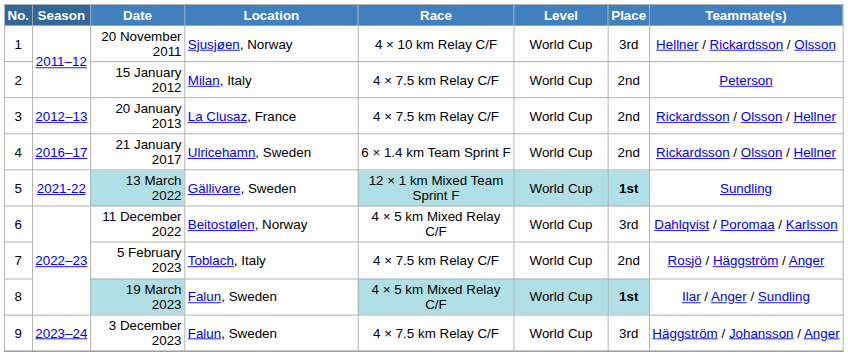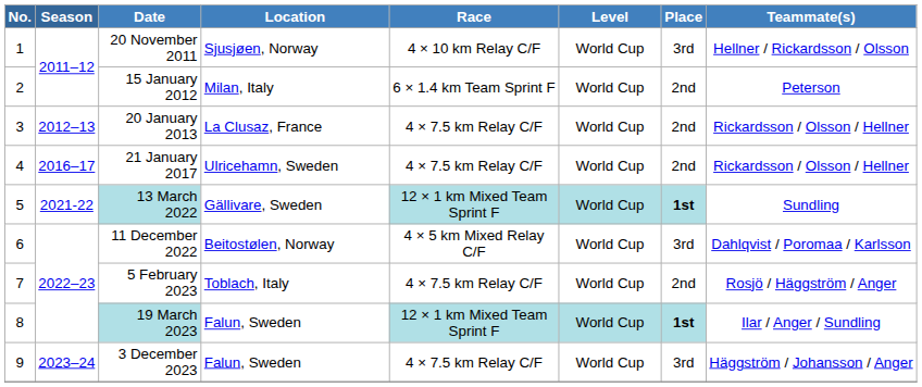 <table class="wikitable sortable" style="font-size:95%; text-align:center; border:grey solid 1px; border-collapse:collapse; background:#ffffff;">
 <tr style="background:#efefef;">
 <th style="background-color:#369; color:white;">No.</th>
 <th style="background-color:#369; color:white;">Season</th>
 <th style="background-color:#4180be; color:white; width:100px;">Date</th>
 <th style="background-color:#4180be; color:white; width:190px;">Location</th>
 <th style="background-color:#4180be; color:white; width:170px;">Race</th>
 <th style="background-color:#4180be; color:white; width:100px;">Level</th>
 <th style="background-color:#4180be; color:white;">Place</th>
 <th style="background-color:#4180be; color:white;">Teammate(s)</th>
 </tr>
 <tr>
 <td align=center>1</td>
 <td rowspan=2 align=center><a href='#'>2011–12</a></td>
 <td align=right>20 November 2011</td>
 <td align=left> <a href='#'>Sjusjøen</a>, Norway</td>
 <td>4 × 10 km Relay C/F</td>
 <td>World Cup</td>
 <td>3rd</td>
 <td><a href='#'>Hellner</a> / <a href='#'>Rickardsson</a> / <a href='#'>Olsson</a></td>
 </tr>
 <tr>
 <td align=center>2</td>
 <td align=right>15 January 2012</td>
 <td align=left> <a href='#'>Milan</a>, Italy</td>
-<td>4 × 7.5 km Relay C/F</td>
+<td>6 × 1.4 km Team Sprint F</td>
 <td>World Cup</td>
 <td>2nd</td>
 <td><a href='#'>Peterson</a></td>
 </tr>
 <tr>
 <td align=center>3</td>
 <td rowspan=1 align=center><a href='#'>2012–13</a></td>
 <td align=right>20 January 2013</td>
 <td align=left> <a href='#'>La Clusaz</a>, France</td>
 <td>4 × 7.5 km Relay C/F</td>
 <td>World Cup</td>
 <td>2nd</td>
 <td><a href='#'>Rickardsson</a> / <a href='#'>Olsson</a> / <a href='#'>Hellner</a></td>
 </tr>
 <tr>
 <td align=center>4</td>
 <td rowspan=1 align=center><a href='#'>2016–17</a></td>
 <td align=right>21 January 2017</td>
 <td align=left> <a href='#'>Ulricehamn</a>, Sweden</td>
-<td>6 × 1.4 km Team Sprint F</td>
+<td>4 × 7.5 km Relay C/F</td>
 <td>World Cup</td>
 <td>2nd</td>
 <td><a href='#'>Rickardsson</a> / <a href='#'>Olsson</a> / <a href='#'>Hellner</a></td>
 </tr>
 <tr>
 <td align=center>5</td>
 <td rowspan=1 align=center><a href='#'>2021-22</a></td>
 <td bgcolor="#BOEOE6"align=right>13 March 2022</td>
 <td align=left> <a href='#'>Gällivare</a>, Sweden</td>
 <td bgcolor="#BOEOE6">12 × 1 km Mixed Team Sprint F</td>
 <td bgcolor="#BOEOE6">World Cup</td>
 <td bgcolor="#BOEOE6"><strong>1st</strong></td>
 <td><a href='#'>Sundling</a></td>
 </tr>
 <tr>
 <td align=center>6</td>
 <td rowspan=3 align=center><a href='#'>2022–23</a></td>
 <td align=right>11 December 2022</td>
 <td align=left> <a href='#'>Beitostølen</a>, Norway</td>
 <td>4 × 5 km Mixed Relay C/F</td>
 <td>World Cup</td>
 <td>3rd</td>
 <td><a href='#'>Dahlqvist</a> / <a href='#'>Poromaa</a> / <a href='#'>Karlsson</a></td>
 </tr>
 <tr>
 <td align=center>7</td>
 <td align=right>5 February 2023</td>
 <td align=left> <a href='#'>Toblach</a>, Italy</td>
 <td>4 × 7.5 km Relay C/F</td>
 <td>World Cup</td>
 <td>2nd</td>
 <td><a href='#'>Rosjö</a> / <a href='#'>Häggström</a> / <a href='#'>Anger</a></td>
 </tr>
 <tr>
 <td align=center>8</td>
 <td bgcolor="#BOEOE6"align=right>19 March 2023</td>
 <td align=left> <a href='#'>Falun</a>, Sweden</td>
-<td bgcolor="#BOEOE6">4 × 5 km Mixed Relay C/F</td>
+<td bgcolor="#BOEOE6">12 × 1 km Mixed Team Sprint F</td>
 <td bgcolor="#BOEOE6">World Cup</td>
 <td bgcolor="#BOEOE6"><strong>1st</strong></td>
 <td><a href='#'>Ilar</a> / <a href='#'>Anger</a> / <a href='#'>Sundling</a></td>
 </tr>
 <tr>
 <td align=center>9</td>
 <td rowspan=1 align=center><a href='#'>2023–24</a></td>
 <td align=right>3 December 2023</td>
 <td align=left> <a href='#'>Falun</a>, Sweden</td>
 <td>4 × 7.5 km Relay C/F</td>
 <td>World Cup</td>
 <td>3rd</td>
 <td><a href='#'>Häggström</a> / <a href='#'>Johansson</a> / <a href='#'>Anger</a></td>
 </tr>
 <tr>
 </tr>
 </table>
